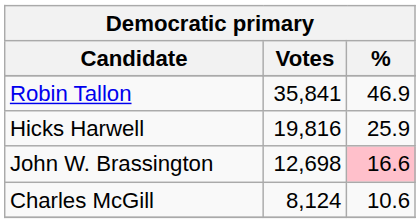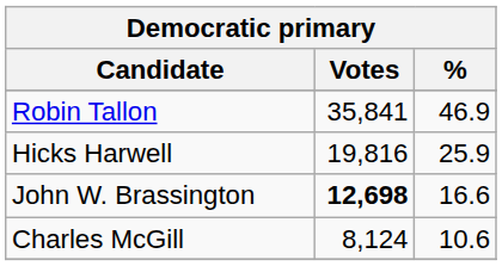 <table class="wikitable" align="left" style="margin: 1em 1em 1em 0; font-size: 95%;">
 <tr>
 <th colspan="3">Democratic primary</th>
 </tr>
 <tr>
 <th colspan="1" style="width: 170px">Candidate</th>
 <th style="width: 50px">Votes</th>
 <th style="width: 40px">%</th>
 </tr>
 <tr>
 </tr>
 <tr>
 <td><a href='#'>Robin Tallon</a></td>
 <td align="right">35,841</td>
 <td align="right">46.9</td>
 </tr>
 <tr>
 <td>Hicks Harwell</td>
 <td align="right">19,816</td>
 <td align="right">25.9</td>
 </tr>
 <tr>
 <td>John W. Brassington</td>
-<td align="right">12,698</td>
-<td align="right" style="background: pink;">16.6</td>
+<td align="right"><strong>12,698</strong></td>
+<td align="right">16.6</td>
 </tr>
 <tr>
 <td>Charles McGill</td>
 <td align="right">8,124</td>
 <td align="right">10.6</td>
 </tr>
 <tr>
 </tr>
 </table>
